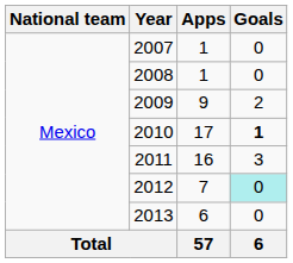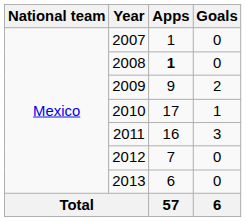 <table class="wikitable" style="text-align: center;">
 <tr>
 <th>National team</th>
 <th>Year</th>
 <th>Apps</th>
 <th>Goals</th>
 </tr>
 <tr>
 <td rowspan="7"><a href='#'>Mexico</a></td>
 <td>2007</td>
 <td>1</td>
 <td>0</td>
 </tr>
 <tr>
 <td>2008</td>
-<td>1</td>
+<td><strong>1</strong></td>
 <td>0</td>
 </tr>
 <tr>
 <td>2009</td>
 <td>9</td>
 <td>2</td>
 </tr>
 <tr>
 <td>2010</td>
 <td>17</td>
-<td><strong>1</strong></td>
+<td>1</td>
 </tr>
 <tr>
 <td>2011</td>
 <td>16</td>
 <td>3</td>
 </tr>
 <tr>
 <td>2012</td>
 <td>7</td>
-<td style="background: paleturquoise;">0</td>
+<td>0</td>
 </tr>
 <tr>
 <td>2013</td>
 <td>6</td>
 <td>0</td>
 </tr>
 <tr>
 <th colspan="2">Total</th>
 <th>57</th>
 <th>6</th>
 </tr>
 </table>
